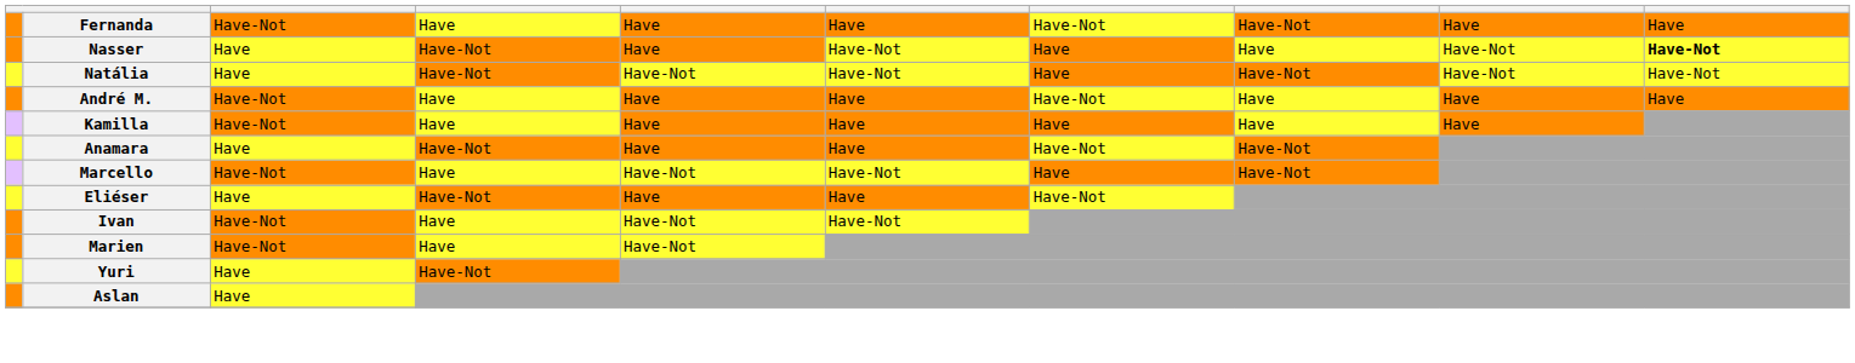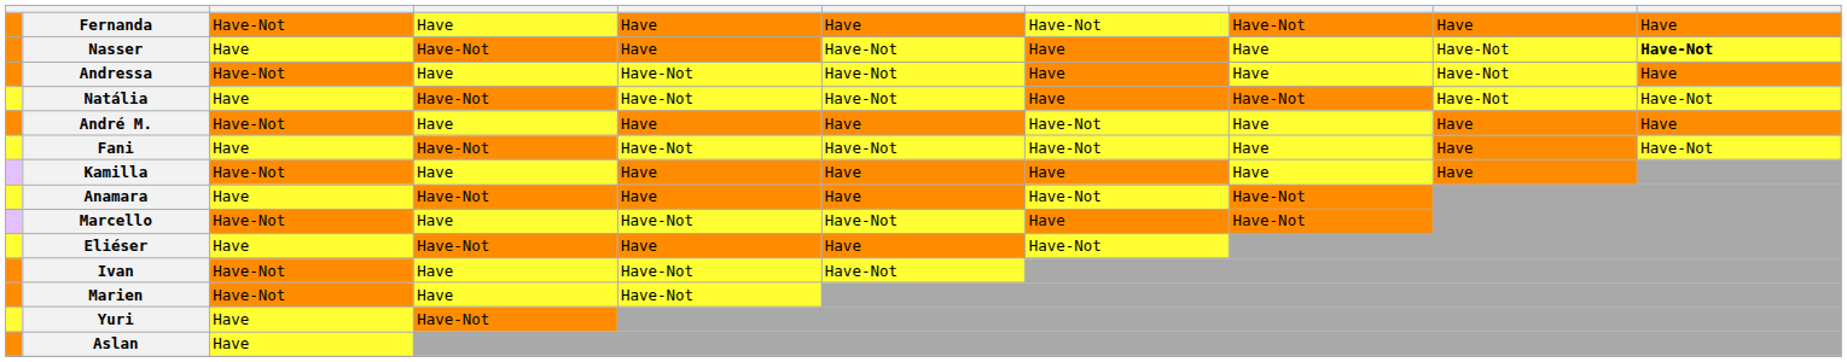 <table class="wikitable" style="width:100%;">
 <tr>
 <th width=6.5% colspan=2></th>
 <th width=6.5%></th>
 <th width=6.5%></th>
 <th width=6.5%></th>
 <th width=6.5%></th>
 <th width=6.5%></th>
 <th width=6.5%></th>
 <th width=6.5%></th>
 <th width=6.5%></th>
 </tr>
 <tr>
 <td bgcolor="FF8C00"></td>
 <th>Fernanda</th>
 <td bgcolor="FF8C00">Have-Not</td>
 <td bgcolor="FFFF33">Have</td>
 <td bgcolor="FF8C00">Have</td>
 <td bgcolor="FF8C00">Have</td>
 <td bgcolor="FFFF33">Have-Not</td>
 <td bgcolor="FF8C00">Have-Not</td>
 <td bgcolor="FF8C00">Have</td>
 <td bgcolor="FF8C00">Have</td>
 </tr>
 <tr>
 <td bgcolor="FF8C00"></td>
 <th>Nasser</th>
 <td bgcolor="FFFF33">Have</td>
 <td bgcolor="FF8C00">Have-Not</td>
 <td bgcolor="FF8C00">Have</td>
 <td bgcolor="FFFF33">Have-Not</td>
 <td bgcolor="FF8C00">Have</td>
 <td bgcolor="FFFF33">Have</td>
 <td bgcolor="FFFF33">Have-Not</td>
 <td bgcolor="FFFF33"><strong>Have-Not</strong></td>
 </tr>
 <tr>
+<td bgcolor="FF8C00"></td>
+<th>Andressa</th>
+<td bgcolor="FF8C00">Have-Not</td>
+<td bgcolor="FFFF33">Have</td>
+<td bgcolor="FFFF33">Have-Not</td>
+<td bgcolor="FFFF33">Have-Not</td>
+<td bgcolor="FF8C00">Have</td>
+<td bgcolor="FFFF33">Have</td>
+<td bgcolor="FFFF33">Have-Not</td>
+<td bgcolor="FF8C00">Have</td>
+</tr>
+<tr>
 <td bgcolor="FFFF33"></td>
 <th>Natália</th>
 <td bgcolor="FFFF33">Have</td>
 <td bgcolor="FF8C00">Have-Not</td>
 <td bgcolor="FFFF33">Have-Not</td>
 <td bgcolor="FFFF33">Have-Not</td>
 <td bgcolor="FF8C00">Have</td>
 <td bgcolor="FF8C00">Have-Not</td>
 <td bgcolor="FFFF33">Have-Not</td>
 <td bgcolor="FFFF33">Have-Not</td>
 </tr>
 <tr Natalia Casassola>
 <td bgcolor="FF8C00"></td>
 <th>André M.</th>
 <td bgcolor="FF8C00">Have-Not</td>
 <td bgcolor="FFFF33">Have</td>
 <td bgcolor="FF8C00">Have</td>
 <td bgcolor="FF8C00">Have</td>
 <td bgcolor="FFFF33">Have-Not</td>
 <td bgcolor="FFFF33">Have</td>
 <td bgcolor="FF8C00">Have</td>
 <td bgcolor="FF8C00">Have</td>
+</tr>
+<tr>
+<td bgcolor="FFFF33"></td>
+<th>Fani</th>
+<td bgcolor="FFFF33">Have</td>
+<td bgcolor="FF8C00">Have-Not</td>
+<td bgcolor="FFFF33">Have-Not</td>
+<td bgcolor="FFFF33">Have-Not</td>
+<td bgcolor="FFFF33">Have-Not</td>
+<td bgcolor="FFFF33">Have</td>
+<td bgcolor="FF8C00">Have</td>
+<td bgcolor="FFFF33">Have-Not</td>
 </tr>
 <tr>
 <td bgcolor="E3C0FF"></td>
 <th>Kamilla</th>
 <td bgcolor="FF8C00">Have-Not</td>
 <td bgcolor="FFFF33">Have</td>
 <td bgcolor="FF8C00">Have</td>
 <td bgcolor="FF8C00">Have</td>
 <td bgcolor="FF8C00">Have</td>
 <td bgcolor="FFFF33">Have</td>
 <td bgcolor="FF8C00">Have</td>
 <td bgcolor="A9A9A9"></td>
 </tr>
 <tr>
 <td bgcolor="FFFF33"></td>
 <th>Anamara</th>
 <td bgcolor="FFFF33">Have</td>
 <td bgcolor="FF8C00">Have-Not</td>
 <td bgcolor="FF8C00">Have</td>
 <td bgcolor="FF8C00">Have</td>
 <td bgcolor="FFFF33">Have-Not</td>
 <td bgcolor="FF8C00">Have-Not</td>
 <td bgcolor="A9A9A9" colspan=2></td>
 </tr>
 <tr>
 <td bgcolor="E3C0FF"></td>
 <th>Marcello</th>
 <td bgcolor="FF8C00">Have-Not</td>
 <td bgcolor="FFFF33">Have</td>
 <td bgcolor="FFFF33">Have-Not</td>
 <td bgcolor="FFFF33">Have-Not</td>
 <td bgcolor="FF8C00">Have</td>
 <td bgcolor="FF8C00">Have-Not</td>
 <td bgcolor="A9A9A9" colspan=2></td>
 </tr>
 <tr>
 <td bgcolor="FFFF33"></td>
 <th>Eliéser</th>
 <td bgcolor="FFFF33">Have</td>
 <td bgcolor="FF8C00">Have-Not</td>
 <td bgcolor="FF8C00">Have</td>
 <td bgcolor="FF8C00">Have</td>
 <td bgcolor="FFFF33">Have-Not</td>
 <td bgcolor="A9A9A9" colspan=3></td>
 </tr>
 <tr>
 <td bgcolor="FF8C00"></td>
 <th>Ivan</th>
 <td bgcolor="FF8C00">Have-Not</td>
 <td bgcolor="FFFF33">Have</td>
 <td bgcolor="FFFF33">Have-Not</td>
 <td bgcolor="FFFF33">Have-Not</td>
 <td bgcolor="A9A9A9" colspan=4></td>
 </tr>
 <tr>
 <td bgcolor="FF8C00"></td>
 <th>Marien</th>
 <td bgcolor="FF8C00">Have-Not</td>
 <td bgcolor="FFFF33">Have</td>
 <td bgcolor="FFFF33">Have-Not</td>
 <td bgcolor="A9A9A9" colspan=5></td>
 </tr>
 <tr>
 <td bgcolor="FFFF33"></td>
 <th>Yuri</th>
 <td bgcolor="FFFF33">Have</td>
 <td bgcolor="FF8C00">Have-Not</td>
 <td bgcolor="A9A9A9" colspan=6></td>
 </tr>
 <tr>
 <td bgcolor="FF8C00"></td>
 <th>Aslan</th>
 <td bgcolor="FFFF33">Have</td>
 <td bgcolor="A9A9A9" colspan=7></td>
 </tr>
 <tr>
 </tr>
 </table>
